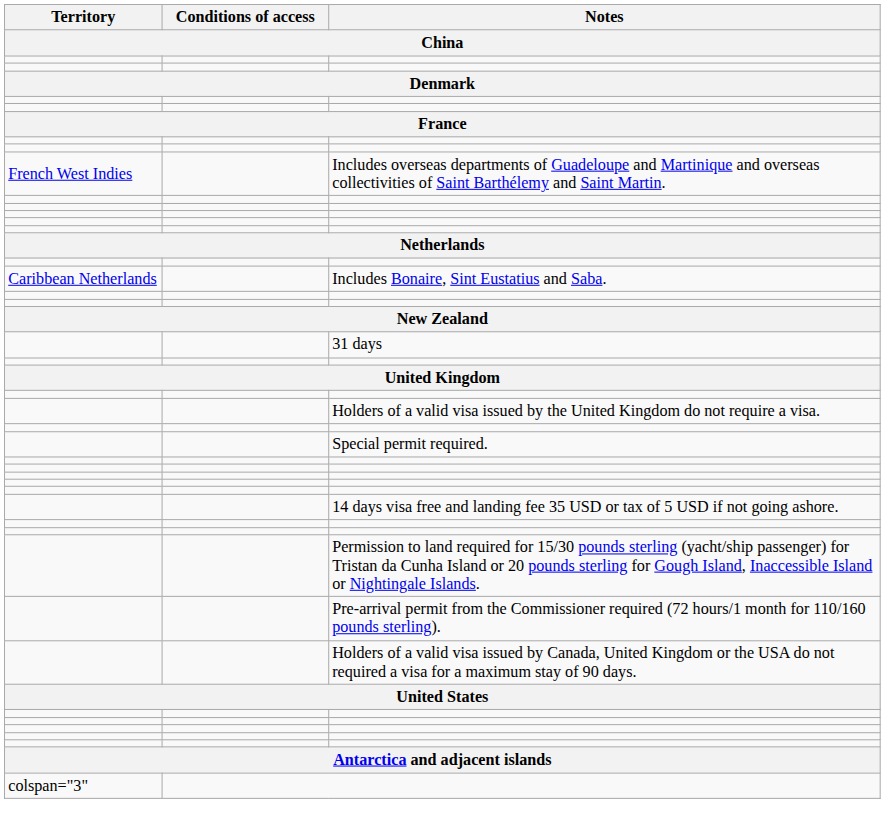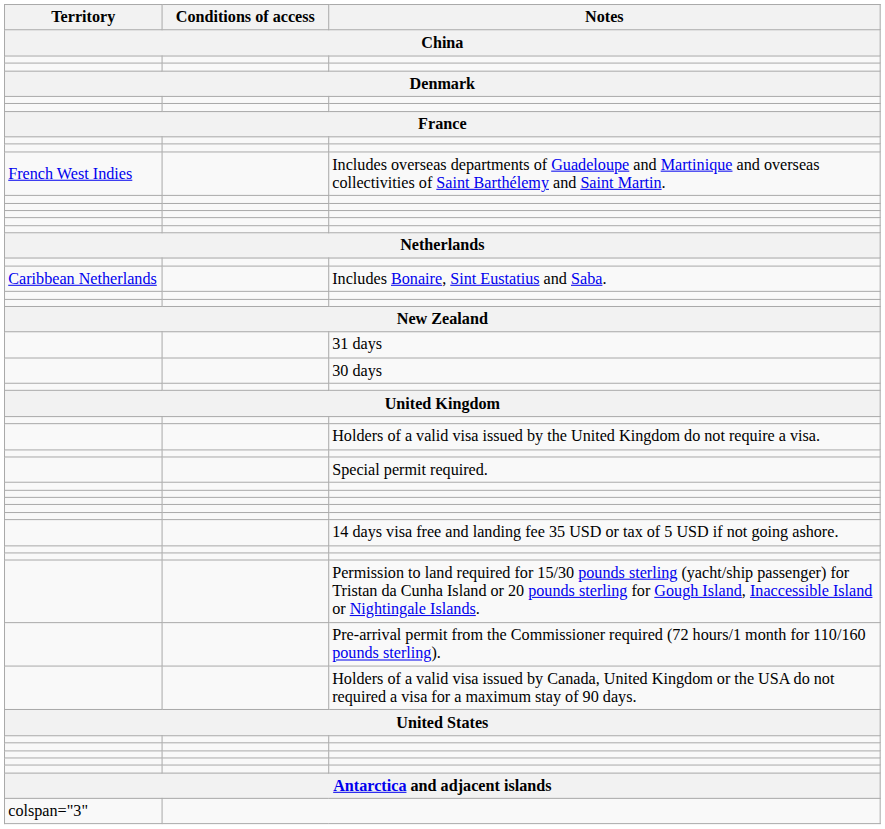 <table class="wikitable" style="text-align: left; table-layout: fixed;">
 <tr>
 <th style="width:18%;">Territory</th>
 <th style="width:19%;">Conditions of access</th>
 <th>Notes</th>
 </tr>
 <tr>
 <th colspan="3">China</th>
 </tr>
 <tr>
 <td></td>
 <td></td>
 <td></td>
 </tr>
 <tr>
 <td></td>
 <td></td>
 <td></td>
 </tr>
 <tr>
 <th colspan="3">Denmark</th>
 </tr>
 <tr>
 <td></td>
 <td></td>
 <td></td>
 </tr>
 <tr>
 <td></td>
 <td></td>
 <td></td>
 </tr>
 <tr>
 <th colspan="3">France</th>
 </tr>
 <tr>
 <td></td>
 <td></td>
 <td></td>
 </tr>
 <tr>
 <td></td>
 <td></td>
 <td></td>
 </tr>
 <tr>
 <td> <a href='#'>French West Indies</a></td>
 <td></td>
 <td>Includes overseas departments of <a href='#'>Guadeloupe</a> and <a href='#'>Martinique</a> and overseas collectivities of <a href='#'>Saint Barthélemy</a> and <a href='#'>Saint Martin</a>.</td>
 </tr>
 <tr>
 <td></td>
 <td></td>
 <td></td>
 </tr>
 <tr>
 <td></td>
 <td></td>
 <td></td>
 </tr>
 <tr>
 <td></td>
 <td></td>
 <td></td>
 </tr>
 <tr>
 <td></td>
 <td></td>
 <td></td>
 </tr>
 <tr>
 <td></td>
 <td></td>
 <td></td>
 </tr>
 <tr>
 <th colspan="3">Netherlands</th>
 </tr>
 <tr>
 <td></td>
 <td></td>
 <td></td>
 </tr>
 <tr>
 <td> <a href='#'>Caribbean Netherlands</a></td>
 <td></td>
 <td>Includes <a href='#'>Bonaire</a>, <a href='#'>Sint Eustatius</a> and <a href='#'>Saba</a>.</td>
 </tr>
 <tr>
 <td></td>
 <td></td>
 <td></td>
 </tr>
 <tr>
 <td></td>
 <td></td>
 <td></td>
 </tr>
 <tr>
 <th colspan="3">New Zealand</th>
 </tr>
 <tr>
 <td></td>
 <td></td>
 <td>31 days</td>
+</tr>
+<tr>
+<td></td>
+<td></td>
+<td>30 days</td>
 </tr>
 <tr>
 <td></td>
 <td></td>
 <td></td>
 </tr>
 <tr>
 <th colspan="3">United Kingdom</th>
 </tr>
 <tr>
 <td></td>
 <td></td>
 <td></td>
 </tr>
 <tr>
 <td></td>
 <td></td>
 <td>Holders of a valid visa issued by the United Kingdom do not require a visa.</td>
 </tr>
 <tr>
 <td></td>
 <td></td>
 <td></td>
 </tr>
 <tr>
 <td></td>
 <td></td>
 <td>Special permit required.</td>
 </tr>
 <tr>
 <td></td>
 <td></td>
 <td></td>
 </tr>
 <tr>
 <td></td>
 <td></td>
 <td></td>
 </tr>
 <tr>
 <td></td>
 <td></td>
 <td></td>
 </tr>
 <tr>
 <td></td>
 <td></td>
 <td></td>
 </tr>
 <tr>
 <td></td>
 <td></td>
 <td></td>
 </tr>
 <tr>
 <td></td>
 <td></td>
 <td>14 days visa free and landing fee 35 USD or tax of 5 USD if not going ashore.</td>
 </tr>
 <tr>
 <td></td>
 <td></td>
 <td></td>
 </tr>
 <tr>
 <td></td>
 <td></td>
 <td></td>
 </tr>
 <tr>
 <td></td>
 <td></td>
 <td>Permission to land required for 15/30 <a href='#'>pounds sterling</a> (yacht/ship passenger) for Tristan da Cunha Island or 20 <a href='#'>pounds sterling</a> for <a href='#'>Gough Island</a>, <a href='#'>Inaccessible Island</a> or <a href='#'>Nightingale Islands</a>.</td>
 </tr>
 <tr>
 <td></td>
 <td></td>
 <td>Pre-arrival permit from the Commissioner required (72 hours/1 month for 110/160 <a href='#'>pounds sterling</a>).</td>
 </tr>
 <tr>
 <td></td>
 <td></td>
 <td>Holders of a valid visa issued by Canada, United Kingdom or the USA do not required a visa for a maximum stay of 90 days.</td>
 </tr>
 <tr>
 <th colspan="3">United States</th>
 </tr>
 <tr>
 <td></td>
 <td></td>
 <td></td>
 </tr>
 <tr>
 <td></td>
 <td></td>
 <td></td>
 </tr>
 <tr>
 <td></td>
 <td></td>
 <td></td>
 </tr>
 <tr>
 <td></td>
 <td></td>
 <td></td>
 </tr>
 <tr>
 <td></td>
 <td></td>
 <td></td>
 </tr>
 <tr>
 <th colspan="3"><a href='#'>Antarctica</a> and adjacent islands</th>
 </tr>
 <tr>
 <td>colspan="3" </td>
 </tr>
 </table>
